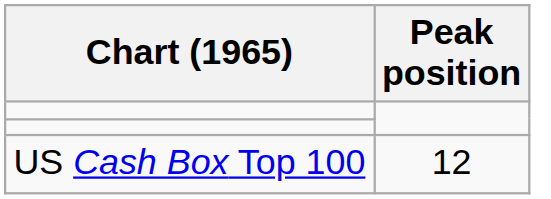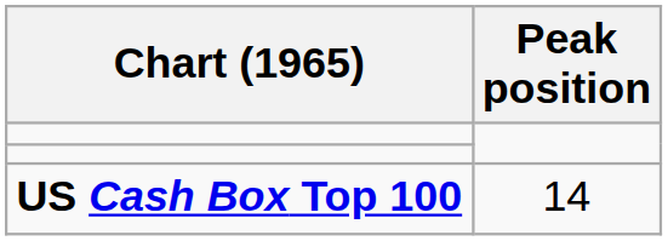 <table class="wikitable sortable">
 <tr>
 <th>Chart (1965)</th>
 <th>Peak<br>position</th>
 </tr>
 <tr>
 <td></td>
 </tr>
 <tr>
 <td></td>
 </tr>
 <tr>
-<td>US <a href='#'><em>Cash Box</em> Top 100</a></td>
-<td align="center">12</td>
+<td><strong>US <a href='#'><em>Cash Box</em> Top 100</a></strong></td>
+<td align="center">14</td>
 </tr>
 </table>
